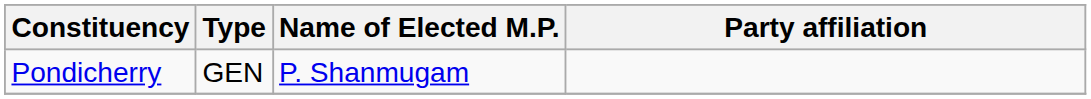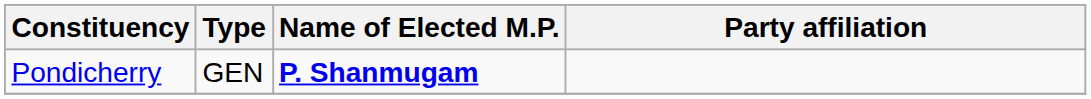 <table class="wikitable" style="font-size:95%;">
 <tr>
 <th>Constituency</th>
 <th>Type</th>
 <th>Name of Elected M.P.</th>
 <th colspan="2" style="width:18em">Party affiliation</th>
 </tr>
 <tr>
 <td><a href='#'>Pondicherry</a></td>
 <td>GEN</td>
-<td><a href='#'>P. Shanmugam</a></td>
+<td><strong><a href='#'>P. Shanmugam</a></strong></td>
 <td></td>
 </tr>
 <tr>
 </tr>
 </table>
